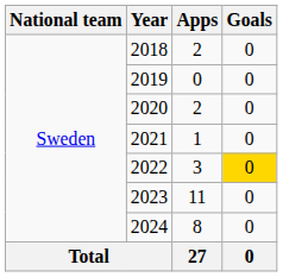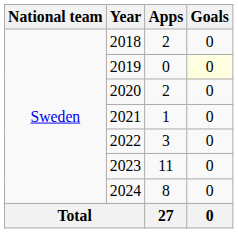 <table class="wikitable" style="text-align:center">
 <tr>
 <th>National team</th>
 <th>Year</th>
 <th>Apps</th>
 <th>Goals</th>
 </tr>
 <tr>
 <td rowspan="7"><a href='#'>Sweden</a></td>
 <td>2018</td>
 <td>2</td>
 <td>0</td>
 </tr>
 <tr>
 <td>2019</td>
 <td>0</td>
-<td>0</td>
+<td style="background: lightyellow;">0</td>
 </tr>
 <tr>
 <td>2020</td>
 <td>2</td>
 <td>0</td>
 </tr>
 <tr>
 <td>2021</td>
 <td>1</td>
 <td>0</td>
 </tr>
 <tr>
 <td>2022</td>
 <td>3</td>
-<td style="background: gold;">0</td>
+<td>0</td>
 </tr>
 <tr>
 <td>2023</td>
 <td>11</td>
 <td>0</td>
 </tr>
 <tr>
 <td>2024</td>
 <td>8</td>
 <td>0</td>
 </tr>
 <tr>
 <th colspan="2">Total</th>
 <th>27</th>
 <th>0</th>
 </tr>
 </table>
